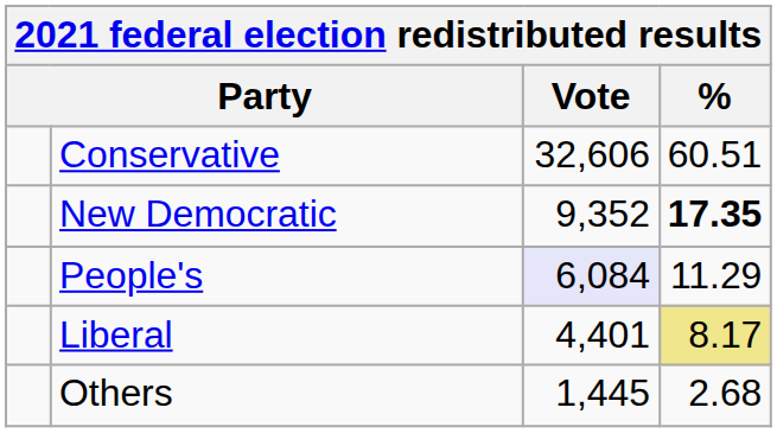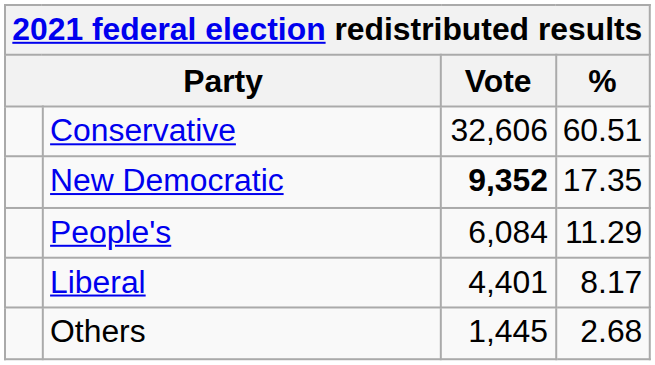 <table class="wikitable">
 <tr>
 <th colspan="4"><a href='#'>2021 federal election</a> redistributed results</th>
 </tr>
 <tr>
 <th bgcolor="#DDDDFF" width="130px" colspan="2">Party</th>
 <th bgcolor="#DDDDFF" width="50px">Vote</th>
 <th bgcolor="#DDDDFF" width="30px">%</th>
 </tr>
 <tr>
 <td> </td>
 <td><a href='#'>Conservative</a></td>
 <td align=right>32,606</td>
 <td align=right>60.51</td>
 </tr>
 <tr>
 <td> </td>
 <td><a href='#'>New Democratic</a></td>
-<td align=right>9,352</td>
-<td align=right><strong>17.35</strong></td>
+<td align=right><strong>9,352</strong></td>
+<td align=right>17.35</td>
 </tr>
 <tr>
 <td> </td>
 <td><a href='#'>People's</a></td>
-<td align=right style="background: lavender;">6,084</td>
+<td align=right>6,084</td>
 <td align=right>11.29</td>
 </tr>
 <tr>
 <td> </td>
 <td><a href='#'>Liberal</a></td>
 <td align=right>4,401</td>
-<td align=right style="background: khaki;">8.17</td>
+<td align=right>8.17</td>
 </tr>
 <tr>
 <td> </td>
 <td>Others</td>
 <td align=right>1,445</td>
 <td align=right>2.68</td>
 </tr>
 </table>
